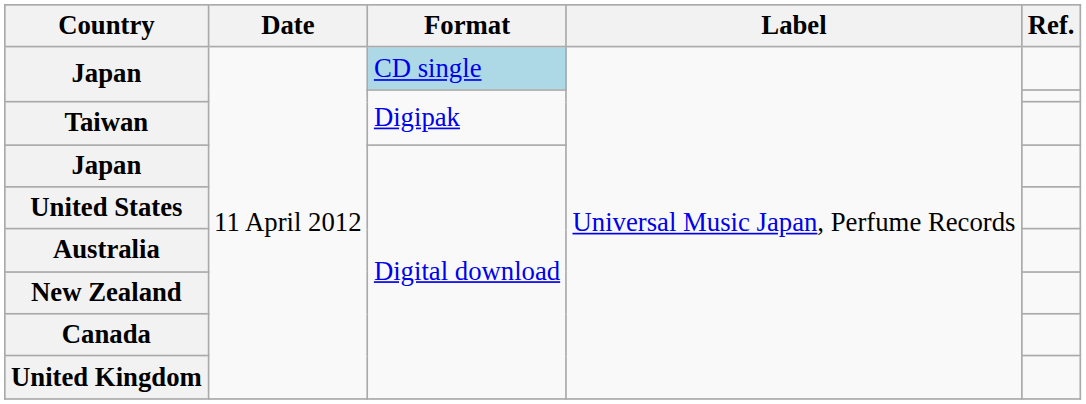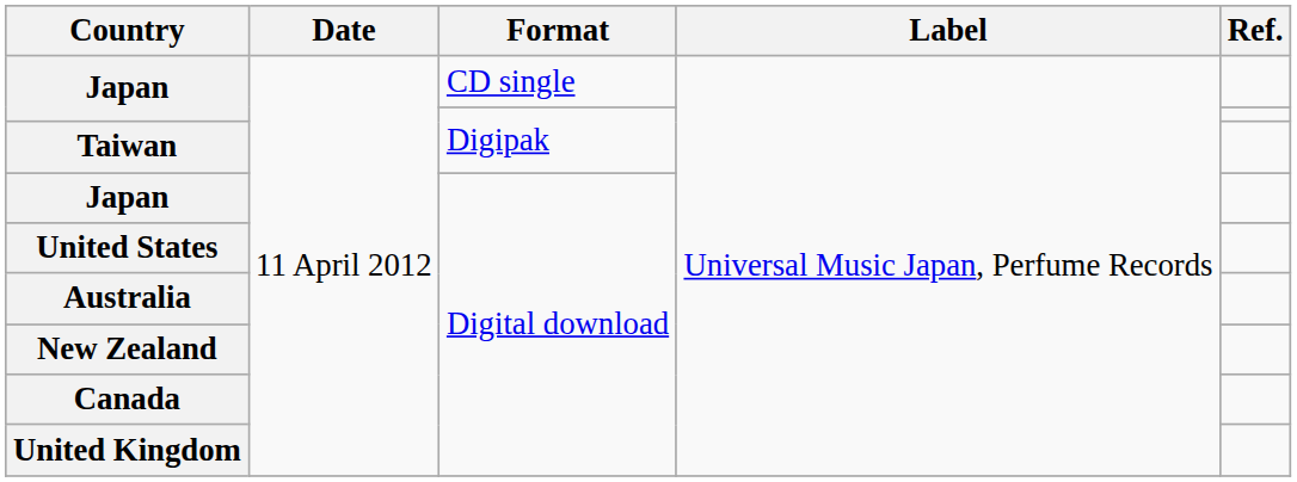 <table class="wikitable plainrowheaders">
 <tr>
 <th scope="col">Country</th>
 <th scope="col">Date</th>
 <th scope="col">Format</th>
 <th scope="col">Label</th>
 <th scope="col">Ref.</th>
 </tr>
 <tr>
 <th scope="row" rowspan="2">Japan</th>
 <td rowspan="9">11 April 2012</td>
-<td style="background: lightblue;"><a href='#'>CD single</a></td>
+<td><a href='#'>CD single</a></td>
 <td rowspan="9"><a href='#'>Universal Music Japan</a>, Perfume Records</td>
 <td></td>
 </tr>
 <tr>
 <td rowspan="2"><a href='#'>Digipak</a></td>
 <td></td>
 </tr>
 <tr>
 <th scope="row">Taiwan</th>
 <td></td>
 </tr>
 <tr>
 <th scope="row">Japan</th>
 <td rowspan="6"><a href='#'>Digital download</a></td>
 <td></td>
 </tr>
 <tr>
 <th scope="row">United States</th>
 <td></td>
 </tr>
 <tr>
 <th scope="row">Australia</th>
 <td></td>
 </tr>
 <tr>
 <th scope="row">New Zealand</th>
 <td></td>
 </tr>
 <tr>
 <th scope="row">Canada</th>
 <td></td>
 </tr>
 <tr>
 <th scope="row">United Kingdom</th>
 <td></td>
 </tr>
 </table>
